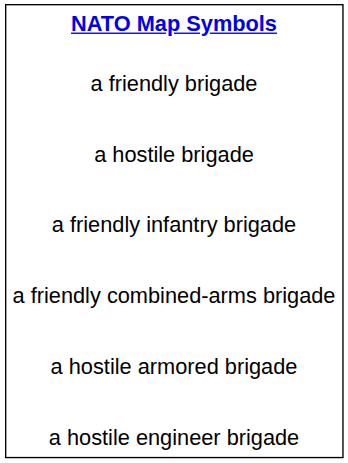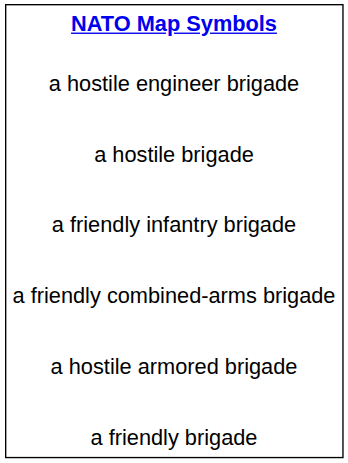 <table class="floatright" style="border:1px solid black; background:white;float: right;text-align: center" cellpadding="3">
 <tr>
 <th><a href='#'>NATO Map Symbols</a></th>
 </tr>
 <tr>
 <td></td>
 </tr>
 <tr>
 </tr>
 <tr>
 <td></td>
 </tr>
 <tr>
-<td>a friendly brigade</td>
+<td>a hostile engineer brigade</td>
 </tr>
 <tr>
 <td><br></td>
 </tr>
 <tr>
 <td>a hostile brigade</td>
 </tr>
 <tr>
 <td><br></td>
 </tr>
 <tr>
 <td>a friendly infantry brigade</td>
 </tr>
 <tr>
 <td><br></td>
 </tr>
 <tr>
 <td>a friendly combined-arms brigade</td>
 </tr>
 <tr>
 <td><br></td>
 </tr>
 <tr>
 <td>a hostile armored brigade</td>
 </tr>
 <tr>
 <td><br></td>
 </tr>
 <tr>
-<td>a hostile engineer brigade</td>
+<td>a friendly brigade</td>
 </tr>
 </table>
